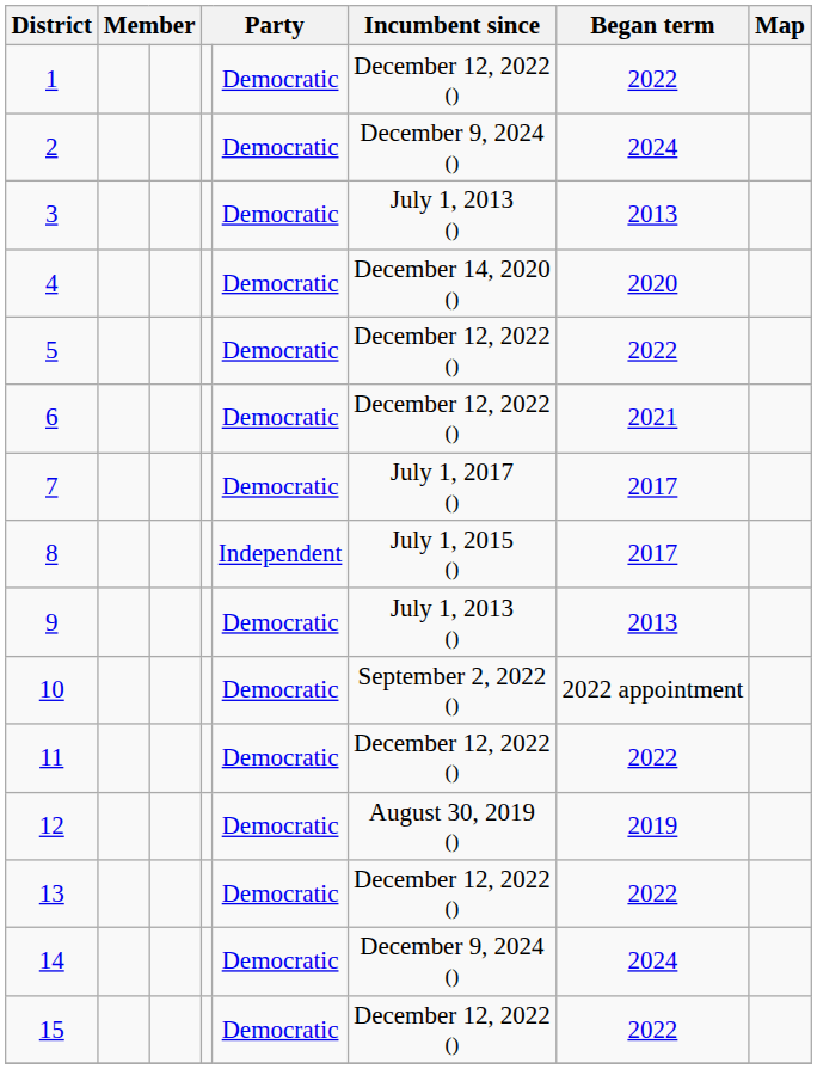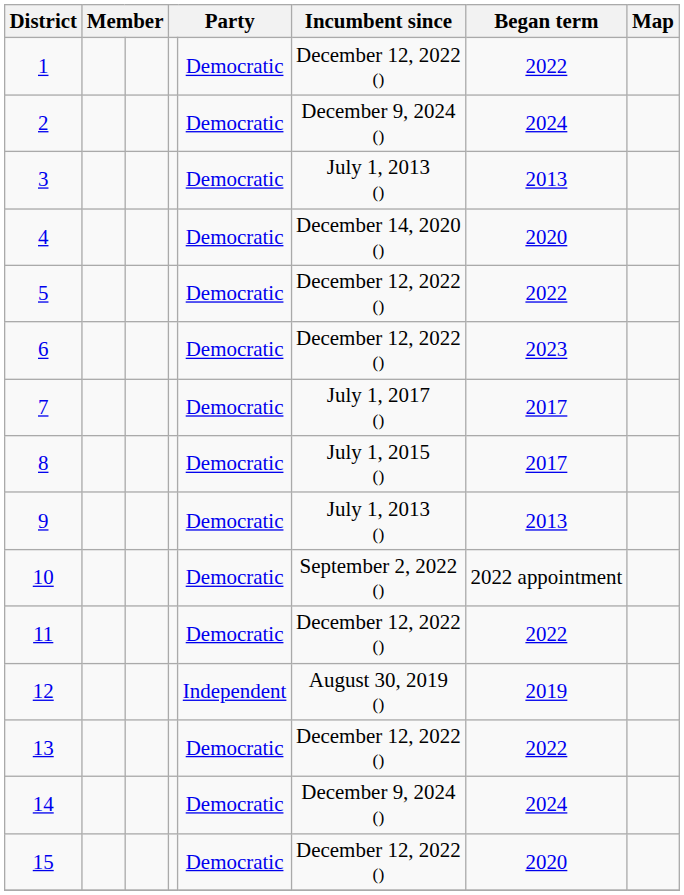 <table class="wikitable plainrowheaders" style="text-align:center;font-size:100%">
 <tr>
 <th scope="col">District</th>
 <th colspan="2" scope="col">Member</th>
 <th colspan="2" scope="col">Party</th>
 <th>Incumbent since</th>
 <th>Began term</th>
 <th>Map</th>
 </tr>
 <tr>
 <td><a href='#'>1</a></td>
 <td></td>
 <td scope="row"></td>
 <td style="background-color:"></td>
 <td><a href='#'>Democratic</a></td>
 <td>December 12, 2022 <br> <small>()</small></td>
 <td><a href='#'>2022</a></td>
 <td></td>
 </tr>
 <tr>
 <td><a href='#'>2</a></td>
 <td></td>
 <td scope="row"></td>
 <td style="background-color:"></td>
 <td><a href='#'>Democratic</a></td>
 <td>December 9, 2024 <br> <small>()</small></td>
 <td><a href='#'>2024</a></td>
 <td></td>
 </tr>
 <tr>
 <td><a href='#'>3</a></td>
 <td></td>
 <td scope="row"></td>
 <td style="background-color:"></td>
 <td><a href='#'>Democratic</a></td>
 <td>July 1, 2013 <br> <small>()</small></td>
 <td><a href='#'>2013</a></td>
 <td></td>
 </tr>
 <tr>
 <td><a href='#'>4</a></td>
 <td></td>
 <td scope="row"></td>
 <td style="background-color:"></td>
 <td><a href='#'>Democratic</a></td>
 <td>December 14, 2020 <br> <small>()</small></td>
 <td><a href='#'>2020</a></td>
 <td></td>
 </tr>
 <tr>
 <td><a href='#'>5</a></td>
 <td></td>
 <td scope="row"></td>
 <td style="background-color:"></td>
 <td><a href='#'>Democratic</a></td>
 <td>December 12, 2022 <br> <small>()</small></td>
 <td><a href='#'>2022</a></td>
 <td></td>
 </tr>
 <tr>
 <td><a href='#'>6</a></td>
 <td></td>
 <td scope="row"></td>
 <td style="background-color:"></td>
 <td><a href='#'>Democratic</a></td>
 <td>December 12, 2022 <br><small>()</small></td>
-<td><a href='#'>2021</a></td>
+<td><a href='#'>2023</a></td>
 <td></td>
 </tr>
 <tr>
 <td><a href='#'>7</a></td>
 <td></td>
 <td scope="row"></td>
 <td style="background-color:"></td>
 <td><a href='#'>Democratic</a></td>
 <td>July 1, 2017<br><small>()</small></td>
 <td><a href='#'>2017</a></td>
 <td></td>
 </tr>
 <tr>
 <td><a href='#'>8</a></td>
 <td></td>
 <td scope="row"></td>
 <td style="background-color:"></td>
-<td><a href='#'>Independent</a></td>
+<td><a href='#'>Democratic</a></td>
 <td>July 1, 2015<br><small>()</small></td>
 <td><a href='#'>2017</a></td>
 <td></td>
 </tr>
 <tr>
 <td><a href='#'>9</a></td>
 <td></td>
 <td scope="row"></td>
 <td style="background-color:"></td>
 <td><a href='#'>Democratic</a></td>
 <td>July 1, 2013<br><small>()</small></td>
 <td><a href='#'>2013</a></td>
 <td></td>
 </tr>
 <tr>
 <td><a href='#'>10</a></td>
 <td></td>
 <td scope="row"></td>
 <td style="background-color:"></td>
 <td><a href='#'>Democratic</a></td>
 <td>September 2, 2022<br><small>()</small></td>
 <td>2022 appointment</td>
 <td></td>
 </tr>
 <tr>
 <td><a href='#'>11</a></td>
 <td></td>
 <td scope="row"></td>
 <td style="background-color:"></td>
 <td><a href='#'>Democratic</a></td>
 <td>December 12, 2022 <br><small>()</small></td>
 <td><a href='#'>2022</a></td>
 <td></td>
 </tr>
 <tr>
 <td><a href='#'>12</a></td>
 <td></td>
 <td scope="row"></td>
 <td style="background-color:"></td>
-<td><a href='#'>Democratic</a></td>
+<td><a href='#'>Independent</a></td>
 <td>August 30, 2019<br><small>()</small></td>
 <td><a href='#'>2019</a></td>
 <td></td>
 </tr>
 <tr>
 <td><a href='#'>13</a></td>
 <td></td>
 <td scope="row"></td>
 <td style="background-color:"></td>
 <td><a href='#'>Democratic</a></td>
 <td>December 12, 2022 <br><small>()</small></td>
 <td><a href='#'>2022</a></td>
 <td></td>
 </tr>
 <tr>
 <td><a href='#'>14</a></td>
 <td></td>
 <td scope="row"></td>
 <td style="background-color:"></td>
 <td><a href='#'>Democratic</a></td>
 <td>December 9, 2024<br><small>()</small></td>
 <td><a href='#'>2024</a></td>
 <td></td>
 </tr>
 <tr>
 <td><a href='#'>15</a></td>
 <td></td>
 <td scope="row"></td>
 <td style="background-color:"></td>
 <td><a href='#'>Democratic</a></td>
 <td>December 12, 2022 <br><small>()</small></td>
-<td><a href='#'>2022</a></td>
+<td><a href='#'>2020</a></td>
 <td></td>
 </tr>
 <tr>
 </tr>
 </table>
